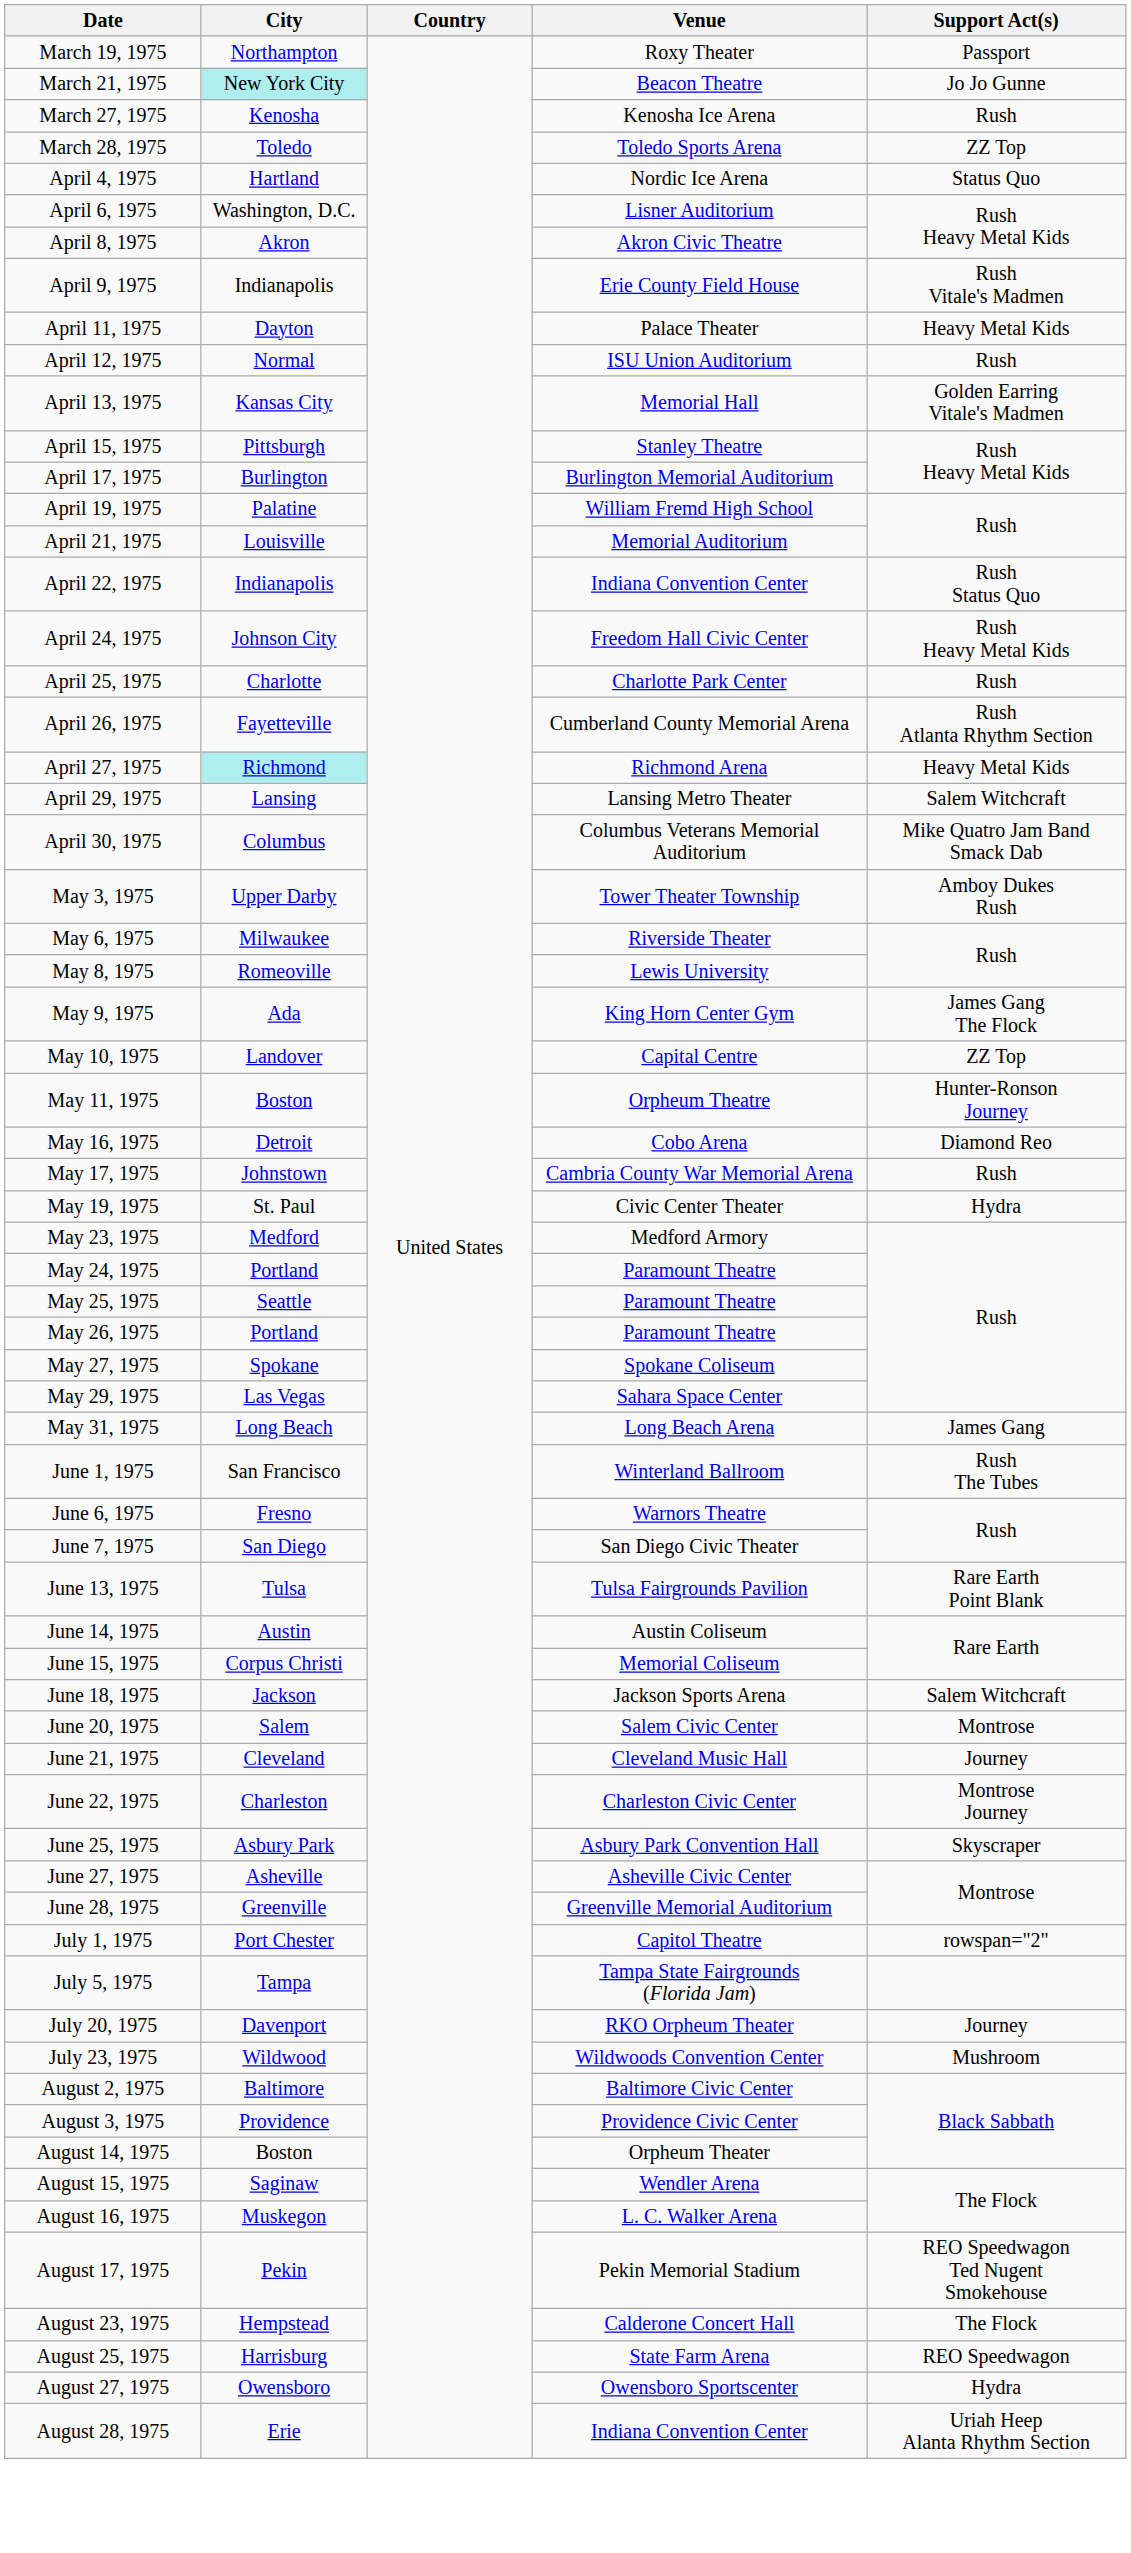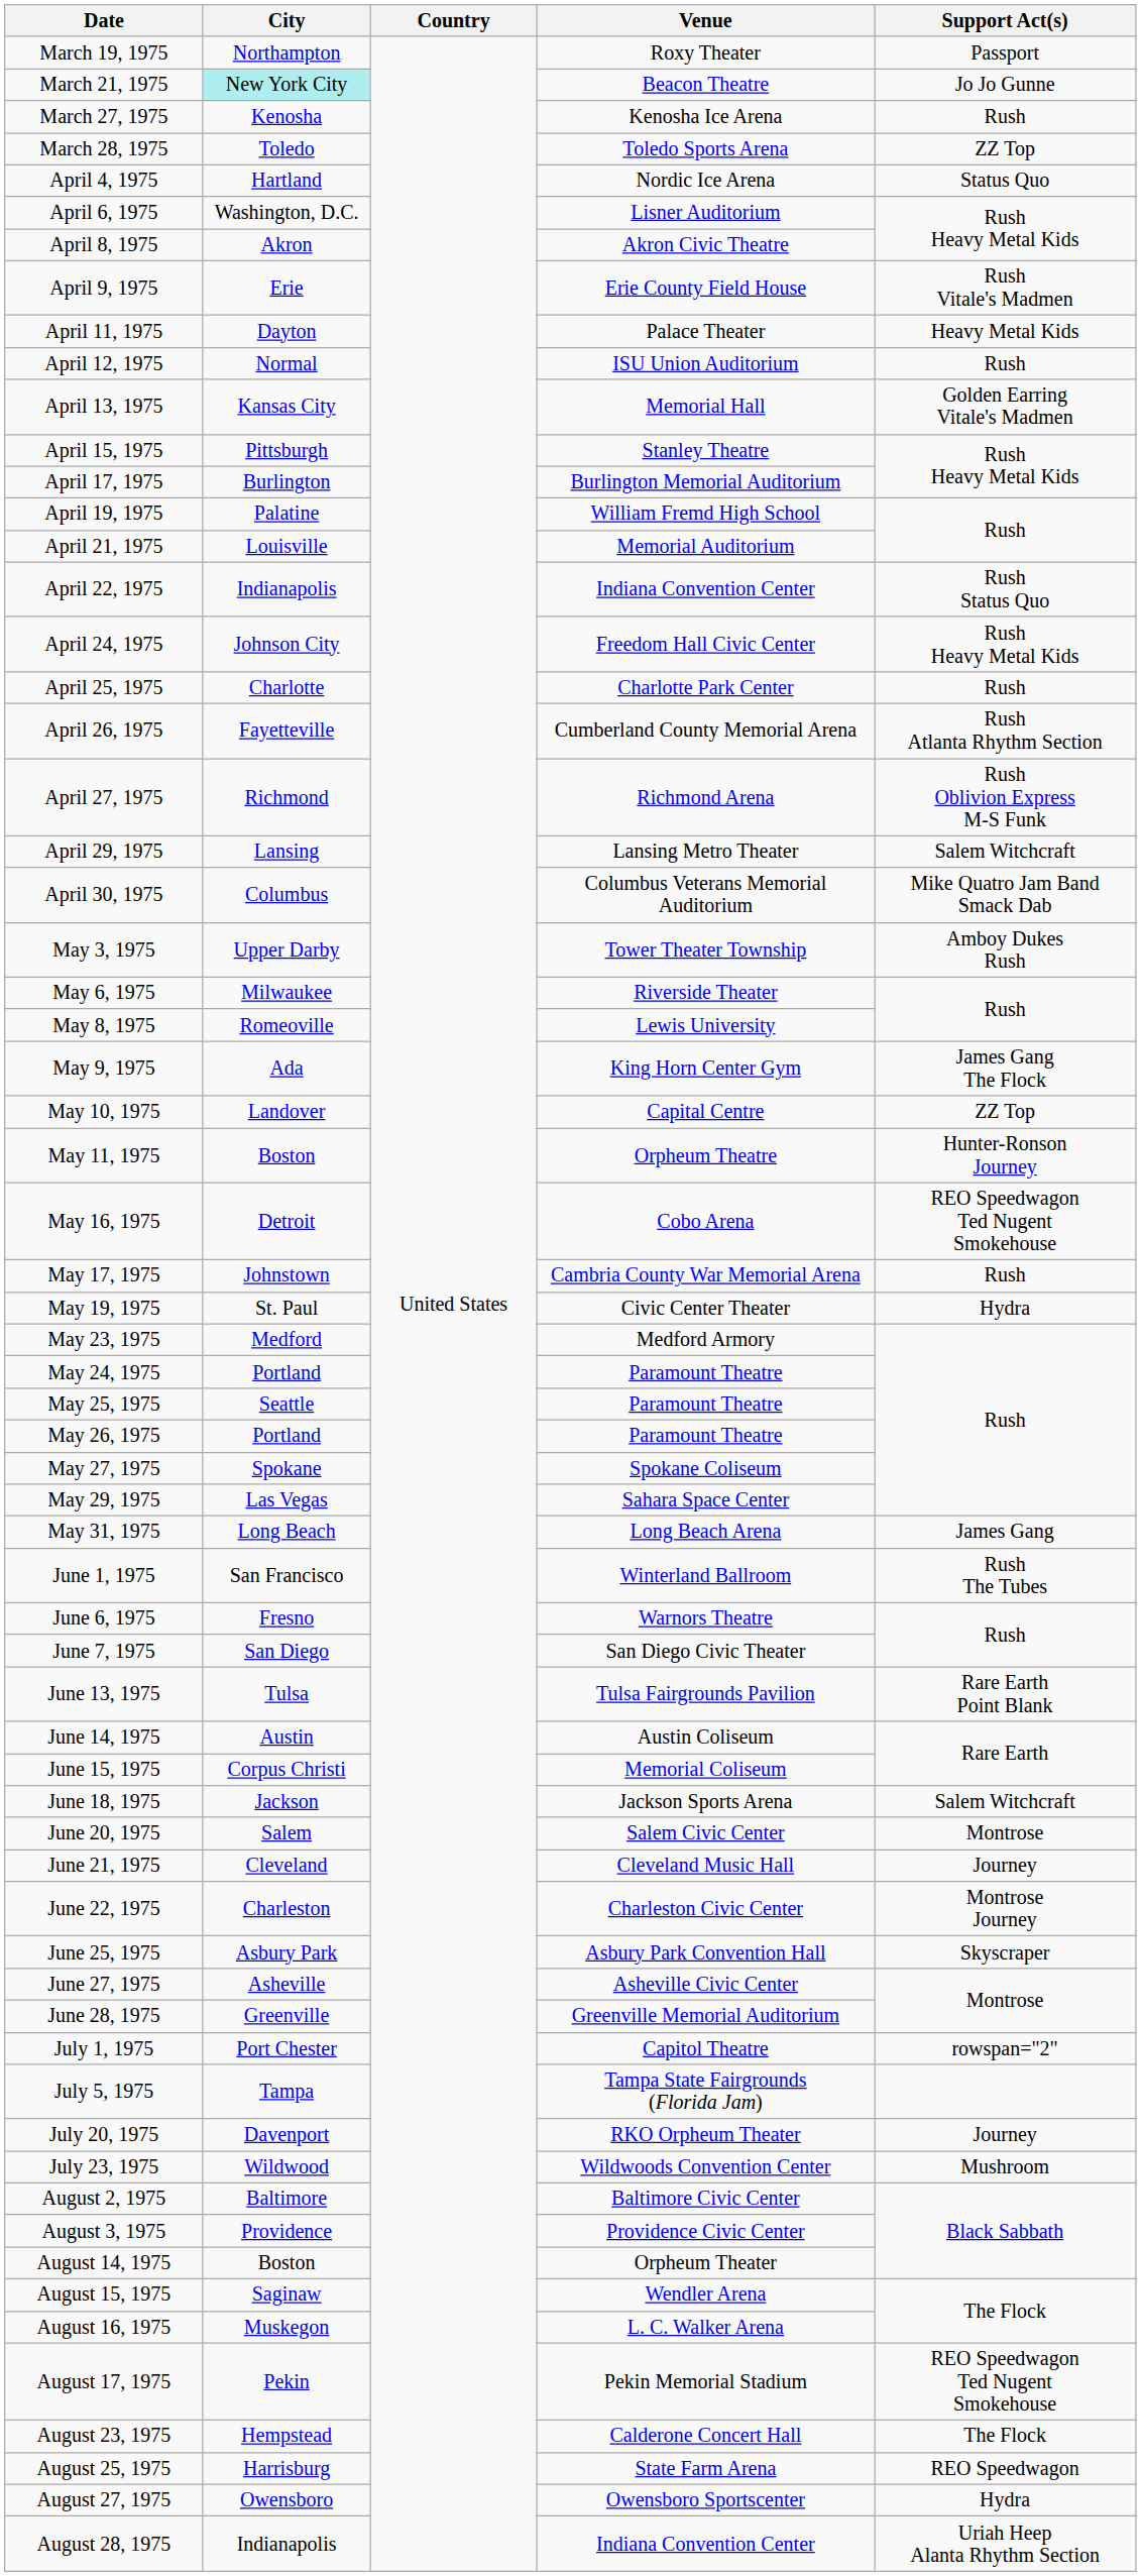 <table class="wikitable" style="text-align:center;">
 <tr>
 <th width="150">Date</th>
 <th width="125">City</th>
 <th width="125">Country</th>
 <th width="260">Venue</th>
 <th width="200">Support Act(s)</th>
 </tr>
 <tr>
 <td>March 19, 1975</td>
 <td><a href='#'>Northampton</a></td>
 <td rowspan="65">United States</td>
 <td>Roxy Theater</td>
 <td>Passport</td>
 </tr>
 <tr>
 <td>March 21, 1975</td>
 <td style="background: paleturquoise;">New York City</td>
 <td><a href='#'>Beacon Theatre</a></td>
 <td>Jo Jo Gunne</td>
 </tr>
 <tr>
 <td>March 27, 1975</td>
 <td><a href='#'>Kenosha</a></td>
 <td>Kenosha Ice Arena</td>
 <td>Rush</td>
 </tr>
 <tr>
 <td>March 28, 1975</td>
 <td><a href='#'>Toledo</a></td>
 <td><a href='#'>Toledo Sports Arena</a></td>
 <td>ZZ Top</td>
 </tr>
 <tr>
 <td>April 4, 1975</td>
 <td><a href='#'>Hartland</a></td>
 <td>Nordic Ice Arena</td>
 <td>Status Quo</td>
 </tr>
 <tr>
 <td>April 6, 1975</td>
 <td>Washington, D.C.</td>
 <td><a href='#'>Lisner Auditorium</a></td>
 <td rowspan="2">Rush<br>Heavy Metal Kids</td>
 </tr>
 <tr>
 <td>April 8, 1975</td>
 <td><a href='#'>Akron</a></td>
 <td><a href='#'>Akron Civic Theatre</a></td>
 </tr>
 <tr>
 <td>April 9, 1975</td>
-<td>Indianapolis</td>
+<td><a href='#'>Erie</a></td>
 <td><a href='#'>Erie County Field House</a></td>
 <td>Rush<br>Vitale's Madmen</td>
 </tr>
 <tr>
 <td>April 11, 1975</td>
 <td><a href='#'>Dayton</a></td>
 <td>Palace Theater</td>
 <td>Heavy Metal Kids</td>
 </tr>
 <tr>
 <td>April 12, 1975</td>
 <td><a href='#'>Normal</a></td>
 <td><a href='#'>ISU Union Auditorium</a></td>
 <td>Rush</td>
 </tr>
 <tr>
 <td>April 13, 1975</td>
 <td><a href='#'>Kansas City</a></td>
 <td><a href='#'>Memorial Hall</a></td>
 <td>Golden Earring<br>Vitale's Madmen</td>
 </tr>
 <tr>
 <td>April 15, 1975</td>
 <td><a href='#'>Pittsburgh</a></td>
 <td><a href='#'>Stanley Theatre</a></td>
 <td rowspan="2">Rush<br>Heavy Metal Kids</td>
 </tr>
 <tr>
 <td>April 17, 1975</td>
 <td><a href='#'>Burlington</a></td>
 <td><a href='#'>Burlington Memorial Auditorium</a></td>
 </tr>
 <tr>
 <td>April 19, 1975</td>
 <td><a href='#'>Palatine</a></td>
 <td><a href='#'>William Fremd High School</a></td>
 <td rowspan="2">Rush</td>
 </tr>
 <tr>
 <td>April 21, 1975</td>
 <td><a href='#'>Louisville</a></td>
 <td><a href='#'>Memorial Auditorium</a></td>
 </tr>
 <tr>
 <td>April 22, 1975</td>
 <td><a href='#'>Indianapolis</a></td>
 <td><a href='#'>Indiana Convention Center</a></td>
 <td>Rush<br>Status Quo</td>
 </tr>
 <tr>
 <td>April 24, 1975</td>
 <td><a href='#'>Johnson City</a></td>
 <td><a href='#'>Freedom Hall Civic Center</a></td>
 <td>Rush<br>Heavy Metal Kids</td>
 </tr>
 <tr>
 <td>April 25, 1975</td>
 <td><a href='#'>Charlotte</a></td>
 <td><a href='#'>Charlotte Park Center</a></td>
 <td>Rush</td>
 </tr>
 <tr>
 <td>April 26, 1975</td>
 <td><a href='#'>Fayetteville</a></td>
 <td>Cumberland County Memorial Arena</td>
 <td>Rush<br>Atlanta Rhythm Section</td>
 </tr>
 <tr>
 <td>April 27, 1975</td>
-<td style="background: paleturquoise;"><a href='#'>Richmond</a></td>
+<td><a href='#'>Richmond</a></td>
 <td><a href='#'>Richmond Arena</a></td>
-<td>Heavy Metal Kids</td>
+<td>Rush<br><a href='#'>Oblivion Express</a><br>M-S Funk</td>
 </tr>
 <tr>
 <td>April 29, 1975</td>
 <td><a href='#'>Lansing</a></td>
 <td>Lansing Metro Theater</td>
 <td>Salem Witchcraft</td>
 </tr>
 <tr>
 <td>April 30, 1975</td>
 <td><a href='#'>Columbus</a></td>
 <td>Columbus Veterans Memorial Auditorium</td>
 <td>Mike Quatro Jam Band<br>Smack Dab</td>
 </tr>
 <tr>
 <td>May 3, 1975</td>
 <td><a href='#'>Upper Darby</a></td>
 <td><a href='#'>Tower Theater Township</a></td>
 <td>Amboy Dukes<br>Rush</td>
 </tr>
 <tr>
 <td>May 6, 1975</td>
 <td><a href='#'>Milwaukee</a></td>
 <td><a href='#'>Riverside Theater</a></td>
 <td rowspan="2">Rush</td>
 </tr>
 <tr>
 <td>May 8, 1975</td>
 <td><a href='#'>Romeoville</a></td>
 <td><a href='#'>Lewis University</a></td>
 </tr>
 <tr>
 <td>May 9, 1975</td>
 <td><a href='#'>Ada</a></td>
 <td><a href='#'>King Horn Center Gym</a></td>
 <td>James Gang<br>The Flock</td>
 </tr>
 <tr>
 <td>May 10, 1975</td>
 <td><a href='#'>Landover</a></td>
 <td><a href='#'>Capital Centre</a></td>
 <td>ZZ Top</td>
 </tr>
 <tr>
 <td>May 11, 1975</td>
 <td><a href='#'>Boston</a></td>
 <td><a href='#'>Orpheum Theatre</a></td>
 <td>Hunter-Ronson<br><a href='#'>Journey</a></td>
 </tr>
 <tr>
 <td>May 16, 1975</td>
 <td><a href='#'>Detroit</a></td>
 <td><a href='#'>Cobo Arena</a></td>
-<td>Diamond Reo</td>
+<td>REO Speedwagon<br>Ted Nugent<br>Smokehouse</td>
 </tr>
 <tr>
 <td>May 17, 1975</td>
 <td><a href='#'>Johnstown</a></td>
 <td><a href='#'>Cambria County War Memorial Arena</a></td>
 <td>Rush</td>
 </tr>
 <tr>
 <td>May 19, 1975</td>
 <td>St. Paul</td>
 <td>Civic Center Theater</td>
 <td>Hydra</td>
 </tr>
 <tr>
 <td>May 23, 1975</td>
 <td><a href='#'>Medford</a></td>
 <td>Medford Armory</td>
 <td rowspan="6">Rush</td>
 </tr>
 <tr>
 <td>May 24, 1975</td>
 <td><a href='#'>Portland</a></td>
 <td><a href='#'>Paramount Theatre</a></td>
 </tr>
 <tr>
 <td>May 25, 1975</td>
 <td><a href='#'>Seattle</a></td>
 <td><a href='#'>Paramount Theatre</a></td>
 </tr>
 <tr>
 <td>May 26, 1975</td>
 <td><a href='#'>Portland</a></td>
 <td><a href='#'>Paramount Theatre</a></td>
 </tr>
 <tr>
 <td>May 27, 1975</td>
 <td><a href='#'>Spokane</a></td>
 <td><a href='#'>Spokane Coliseum</a></td>
 </tr>
 <tr>
 <td>May 29, 1975</td>
 <td><a href='#'>Las Vegas</a></td>
 <td><a href='#'>Sahara Space Center</a></td>
 </tr>
 <tr>
 <td>May 31, 1975</td>
 <td><a href='#'>Long Beach</a></td>
 <td><a href='#'>Long Beach Arena</a></td>
 <td>James Gang</td>
 </tr>
 <tr>
 <td>June 1, 1975</td>
 <td>San Francisco</td>
 <td><a href='#'>Winterland Ballroom</a></td>
 <td>Rush<br>The Tubes</td>
 </tr>
 <tr>
 <td>June 6, 1975</td>
 <td><a href='#'>Fresno</a></td>
 <td><a href='#'>Warnors Theatre</a></td>
 <td rowspan="2">Rush</td>
 </tr>
 <tr>
 <td>June 7, 1975</td>
 <td><a href='#'>San Diego</a></td>
 <td>San Diego Civic Theater</td>
 </tr>
 <tr>
 <td>June 13, 1975</td>
 <td><a href='#'>Tulsa</a></td>
 <td><a href='#'>Tulsa Fairgrounds Pavilion</a></td>
 <td>Rare Earth<br>Point Blank</td>
 </tr>
 <tr>
 <td>June 14, 1975</td>
 <td><a href='#'>Austin</a></td>
 <td>Austin Coliseum</td>
 <td rowspan="2">Rare Earth</td>
 </tr>
 <tr>
 <td>June 15, 1975</td>
 <td><a href='#'>Corpus Christi</a></td>
 <td><a href='#'>Memorial Coliseum</a></td>
 </tr>
 <tr>
 <td>June 18, 1975</td>
 <td><a href='#'>Jackson</a></td>
 <td>Jackson Sports Arena</td>
 <td>Salem Witchcraft</td>
 </tr>
 <tr>
 <td>June 20, 1975</td>
 <td><a href='#'>Salem</a></td>
 <td><a href='#'>Salem Civic Center</a></td>
 <td>Montrose</td>
 </tr>
 <tr>
 <td>June 21, 1975</td>
 <td><a href='#'>Cleveland</a></td>
 <td><a href='#'>Cleveland Music Hall</a></td>
 <td>Journey</td>
 </tr>
 <tr>
 <td>June 22, 1975</td>
 <td><a href='#'>Charleston</a></td>
 <td><a href='#'>Charleston Civic Center</a></td>
 <td>Montrose<br>Journey</td>
 </tr>
 <tr>
 <td>June 25, 1975</td>
 <td><a href='#'>Asbury Park</a></td>
 <td><a href='#'>Asbury Park Convention Hall</a></td>
 <td>Skyscraper</td>
 </tr>
 <tr>
 <td>June 27, 1975</td>
 <td><a href='#'>Asheville</a></td>
 <td><a href='#'>Asheville Civic Center</a></td>
 <td rowspan="2">Montrose</td>
 </tr>
 <tr>
 <td>June 28, 1975</td>
 <td><a href='#'>Greenville</a></td>
 <td><a href='#'>Greenville Memorial Auditorium</a></td>
 </tr>
 <tr>
 <td>July 1, 1975</td>
 <td><a href='#'>Port Chester</a></td>
 <td><a href='#'>Capitol Theatre</a></td>
 <td>rowspan="2" </td>
 </tr>
 <tr>
 <td>July 5, 1975</td>
 <td><a href='#'>Tampa</a></td>
 <td><a href='#'>Tampa State Fairgrounds</a><br>(<em>Florida Jam</em>)</td>
 </tr>
 <tr>
 <td>July 20, 1975</td>
 <td><a href='#'>Davenport</a></td>
 <td><a href='#'>RKO Orpheum Theater</a></td>
 <td>Journey</td>
 </tr>
 <tr>
 <td>July 23, 1975</td>
 <td><a href='#'>Wildwood</a></td>
 <td><a href='#'>Wildwoods Convention Center</a></td>
 <td>Mushroom</td>
 </tr>
 <tr>
 <td>August 2, 1975</td>
 <td><a href='#'>Baltimore</a></td>
 <td><a href='#'>Baltimore Civic Center</a></td>
 <td rowspan="3"><a href='#'>Black Sabbath</a></td>
 </tr>
 <tr>
 <td>August 3, 1975</td>
 <td><a href='#'>Providence</a></td>
 <td><a href='#'>Providence Civic Center</a></td>
 </tr>
 <tr>
 <td>August 14, 1975</td>
 <td>Boston</td>
 <td>Orpheum Theater</td>
 </tr>
 <tr>
 <td>August 15, 1975</td>
 <td><a href='#'>Saginaw</a></td>
 <td><a href='#'>Wendler Arena</a></td>
 <td rowspan="2">The Flock</td>
 </tr>
 <tr>
 <td>August 16, 1975</td>
 <td><a href='#'>Muskegon</a></td>
 <td><a href='#'>L. C. Walker Arena</a></td>
 </tr>
 <tr>
 <td>August 17, 1975</td>
 <td><a href='#'>Pekin</a></td>
 <td>Pekin Memorial Stadium</td>
 <td>REO Speedwagon<br>Ted Nugent<br>Smokehouse</td>
 </tr>
 <tr>
 <td>August 23, 1975</td>
 <td><a href='#'>Hempstead</a></td>
 <td><a href='#'>Calderone Concert Hall</a></td>
 <td>The Flock</td>
 </tr>
 <tr>
 <td>August 25, 1975</td>
 <td><a href='#'>Harrisburg</a></td>
 <td><a href='#'>State Farm Arena</a></td>
 <td>REO Speedwagon</td>
 </tr>
 <tr>
 <td>August 27, 1975</td>
 <td><a href='#'>Owensboro</a></td>
 <td><a href='#'>Owensboro Sportscenter</a></td>
 <td>Hydra</td>
 </tr>
 <tr>
 <td>August 28, 1975</td>
-<td><a href='#'>Erie</a></td>
+<td>Indianapolis</td>
 <td><a href='#'>Indiana Convention Center</a></td>
 <td>Uriah Heep<br>Alanta Rhythm Section</td>
 </tr>
 </table>
